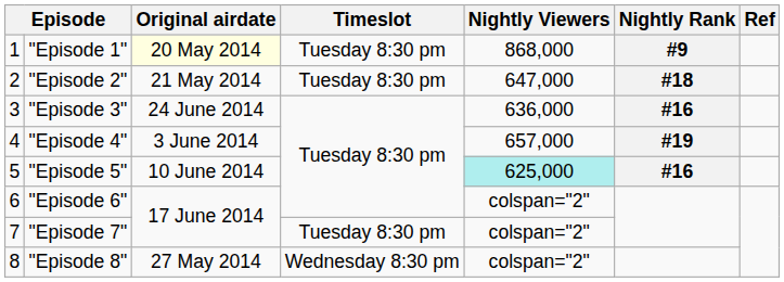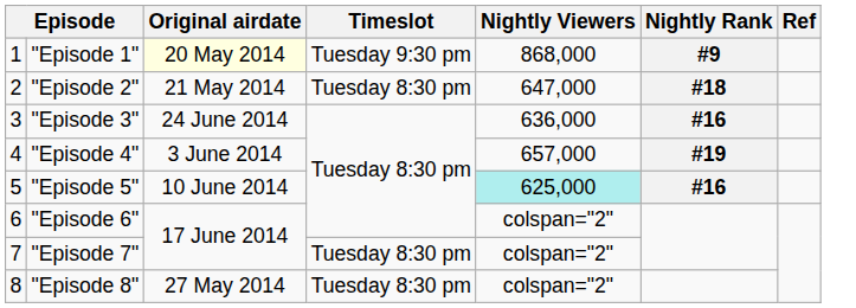 <table class="wikitable" style="text-align:center;">
 <tr>
 <th colspan="2">Episode</th>
 <th>Original airdate</th>
 <th>Timeslot</th>
 <th>Nightly Viewers</th>
 <th>Nightly Rank</th>
 <th>Ref</th>
 </tr>
 <tr>
 <td>1</td>
 <td>"Episode 1"</td>
 <td style="background: lightyellow;">20 May 2014</td>
-<td>Tuesday 8:30 pm</td>
+<td>Tuesday 9:30 pm</td>
 <td>868,000</td>
 <th>#9</th>
 <td></td>
 </tr>
 <tr>
 <td>2</td>
 <td>"Episode 2"</td>
 <td>21 May 2014</td>
 <td>Tuesday 8:30 pm</td>
 <td>647,000</td>
 <th>#18</th>
 <td></td>
 </tr>
 <tr>
 <td>3</td>
 <td>"Episode 3"</td>
 <td>24 June 2014</td>
 <td rowspan="4">Tuesday 8:30 pm</td>
 <td>636,000</td>
 <th>#16</th>
 <td></td>
 </tr>
 <tr>
 <td>4</td>
 <td>"Episode 4"</td>
 <td>3 June 2014</td>
 <td>657,000</td>
 <th>#19</th>
 <td></td>
 </tr>
 <tr>
 <td>5</td>
 <td>"Episode 5"</td>
 <td>10 June 2014</td>
 <td style="background: paleturquoise;">625,000</td>
 <th>#16</th>
 <td></td>
 </tr>
 <tr>
 <td>6</td>
 <td>"Episode 6"</td>
 <td rowspan="2">17 June 2014</td>
 <td>colspan="2" </td>
 <td rowspan="2"></td>
 </tr>
 <tr>
 <td>7</td>
 <td>"Episode 7"</td>
 <td>Tuesday 8:30 pm</td>
 <td>colspan="2" </td>
 </tr>
 <tr>
 <td>8</td>
 <td>"Episode 8"</td>
 <td>27 May 2014</td>
-<td>Wednesday 8:30 pm</td>
+<td>Tuesday 8:30 pm</td>
 <td>colspan="2" </td>
 <td></td>
 </tr>
 </table>
